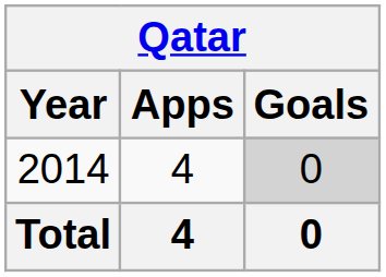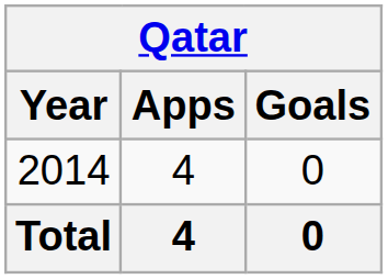 <table class="wikitable" style="text-align:center">
 <tr>
 <th colspan=3><a href='#'>Qatar</a></th>
 </tr>
 <tr>
 <th>Year</th>
 <th>Apps</th>
 <th>Goals</th>
 </tr>
 <tr>
 <td>2014</td>
 <td>4</td>
-<td style="background: lightgrey;">0</td>
+<td>0</td>
 </tr>
 <tr>
 <th>Total</th>
 <th>4</th>
 <th>0</th>
 </tr>
 </table>
